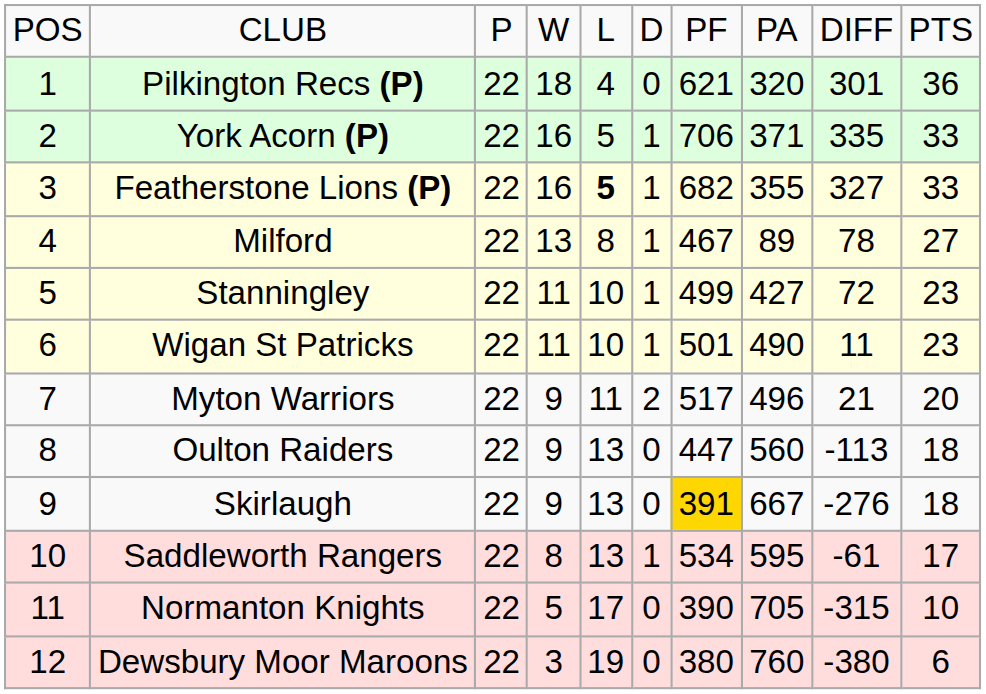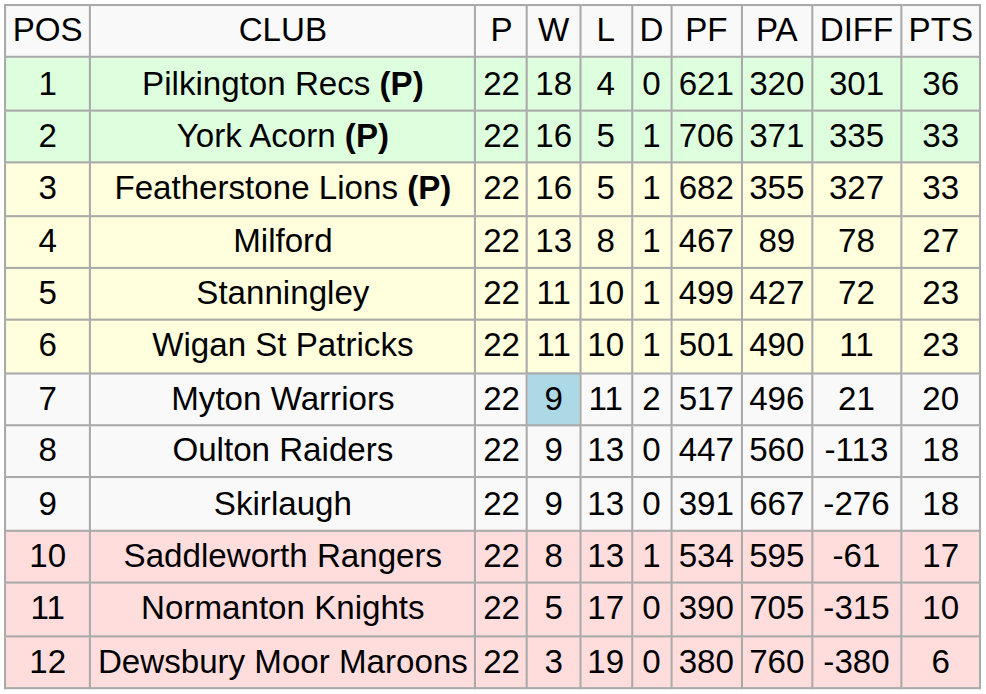 <table class="wikitable" style="text-align: center;">
 <tr>
 <td>POS</td>
 <td>CLUB</td>
 <td>P</td>
 <td>W</td>
 <td>L</td>
 <td>D</td>
 <td>PF</td>
 <td>PA</td>
 <td>DIFF</td>
 <td>PTS</td>
 </tr>
 <tr style="background:#ddffdd;">
 <td>1</td>
 <td>Pilkington Recs <strong>(P)</strong></td>
 <td>22</td>
 <td>18</td>
 <td>4</td>
 <td>0</td>
 <td>621</td>
 <td>320</td>
 <td>301</td>
 <td>36</td>
 </tr>
 <tr style="background:#ddffdd;">
 <td>2</td>
 <td>York Acorn <strong>(P)</strong></td>
 <td>22</td>
 <td>16</td>
 <td>5</td>
 <td>1</td>
 <td>706</td>
 <td>371</td>
 <td>335</td>
 <td>33</td>
 </tr>
 <tr style="background:#ffffdd;">
 <td>3</td>
 <td>Featherstone Lions <strong>(P)</strong></td>
 <td>22</td>
 <td>16</td>
-<td><strong>5</strong></td>
+<td>5</td>
 <td>1</td>
 <td>682</td>
 <td>355</td>
 <td>327</td>
 <td>33</td>
 </tr>
 <tr style="background:#ffffdd;">
 <td>4</td>
 <td>Milford</td>
 <td>22</td>
 <td>13</td>
 <td>8</td>
 <td>1</td>
 <td>467</td>
 <td 3>89</td>
 <td>78</td>
 <td>27</td>
 </tr>
 <tr style="background:#ffffdd;">
 <td>5</td>
 <td>Stanningley</td>
 <td>22</td>
 <td>11</td>
 <td>10</td>
 <td>1</td>
 <td>499</td>
 <td>427</td>
 <td>72</td>
 <td>23</td>
 </tr>
 <tr style="background:#ffffdd;">
 <td>6</td>
 <td>Wigan St Patricks</td>
 <td>22</td>
 <td>11</td>
 <td>10</td>
 <td>1</td>
 <td>501</td>
 <td>490</td>
 <td>11</td>
 <td>23</td>
 </tr>
 <tr>
 <td>7</td>
 <td>Myton Warriors</td>
 <td>22</td>
-<td>9</td>
+<td style="background: lightblue;">9</td>
 <td>11</td>
 <td>2</td>
 <td>517</td>
 <td>496</td>
 <td>21</td>
 <td>20</td>
 </tr>
 <tr>
 <td>8</td>
 <td>Oulton Raiders</td>
 <td>22</td>
 <td>9</td>
 <td>13</td>
 <td>0</td>
 <td>447</td>
 <td>560</td>
 <td>-113</td>
 <td>18</td>
 </tr>
 <tr>
 <td>9</td>
 <td>Skirlaugh</td>
 <td>22</td>
 <td>9</td>
 <td>13</td>
 <td>0</td>
-<td style="background: gold;">391</td>
+<td>391</td>
 <td>667</td>
 <td>-276</td>
 <td>18</td>
 </tr>
 <tr style="background:#ffdddd;">
 <td>10</td>
 <td>Saddleworth Rangers</td>
 <td>22</td>
 <td>8</td>
 <td>13</td>
 <td>1</td>
 <td>534</td>
 <td>595</td>
 <td>-61</td>
 <td>17</td>
 </tr>
 <tr style="background:#ffdddd;">
 <td>11</td>
 <td>Normanton Knights</td>
 <td>22</td>
 <td>5</td>
 <td>17</td>
 <td>0</td>
 <td>390</td>
 <td>705</td>
 <td>-315</td>
 <td>10</td>
 </tr>
 <tr style="background:#ffdddd;">
 <td>12</td>
 <td>Dewsbury Moor Maroons</td>
 <td>22</td>
 <td>3</td>
 <td>19</td>
 <td>0</td>
 <td>380</td>
 <td>760</td>
 <td>-380</td>
 <td>6</td>
 </tr>
 </table>
